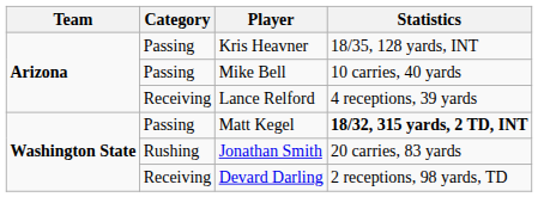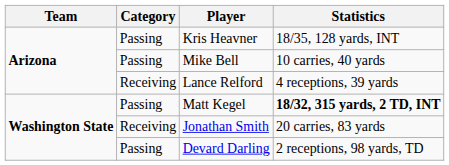 <table class="wikitable" style="float: right;">
 <tr>
 <th>Team</th>
 <th>Category</th>
 <th>Player</th>
 <th>Statistics</th>
 </tr>
 <tr>
 <td rowspan=3><strong>Arizona</strong></td>
 <td>Passing</td>
 <td>Kris Heavner</td>
 <td>18/35, 128 yards, INT</td>
 </tr>
 <tr>
 <td>Passing</td>
 <td>Mike Bell</td>
 <td>10 carries, 40 yards</td>
 </tr>
 <tr>
 <td>Receiving</td>
 <td>Lance Relford</td>
 <td>4 receptions, 39 yards</td>
 </tr>
 <tr>
 <td rowspan=3><strong>Washington State</strong></td>
 <td>Passing</td>
 <td>Matt Kegel</td>
 <td><strong>18/32, 315 yards, 2 TD, INT</strong></td>
 </tr>
 <tr>
-<td>Rushing</td>
+<td>Receiving</td>
 <td><a href='#'>Jonathan Smith</a></td>
 <td>20 carries, 83 yards</td>
 </tr>
 <tr>
-<td>Receiving</td>
+<td>Passing</td>
 <td><a href='#'>Devard Darling</a></td>
 <td>2 receptions, 98 yards, TD</td>
 </tr>
 </table>
